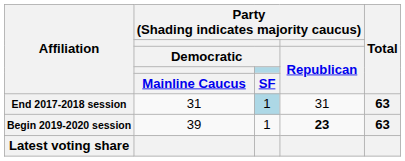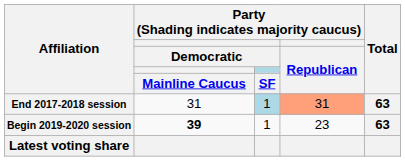 <table class="wikitable" style="text-align:center;vertical-align:bottom">
 <tr>
 <th rowspan="5">Affiliation</th>
 <th colspan="3">Party <div>(Shading indicates majority caucus)</div></th>
 <th rowspan="5">Total</th>
 </tr>
 <tr>
 <th colspan="2" style="background-color:"></th>
 <th style="background-color:"></th>
 </tr>
 <tr>
 <th colspan="2">Democratic</th>
 <th rowspan="3"><a href='#'>Republican</a></th>
 </tr>
 <tr>
 <th style="background-color:"></th>
 <th style="background-color:lightblue"></th>
 </tr>
 <tr>
 <th><a href='#'>Mainline Caucus</a></th>
 <th><a href='#'>SF</a></th>
 </tr>
 <tr>
 <th nowrap style="font-size:80%"><strong>End 2017-2018 session</strong></th>
 <td>31</td>
 <td bgcolor=lightblue>1</td>
-<td>31</td>
+<td style="background: lightsalmon;">31</td>
 <th>63</th>
 </tr>
 <tr>
 <th nowrap style="font-size:80%"><strong>Begin 2019-2020 session</strong></th>
-<td>39</td>
+<td><strong>39</strong></td>
 <td>1</td>
-<td><strong>23</strong></td>
+<td>23</td>
 <th>63</th>
 </tr>
 <tr>
 <th>Latest voting share</th>
 <th></th>
 <th></th>
 <th></th>
 <th colspan="2"></th>
 </tr>
 </table>
